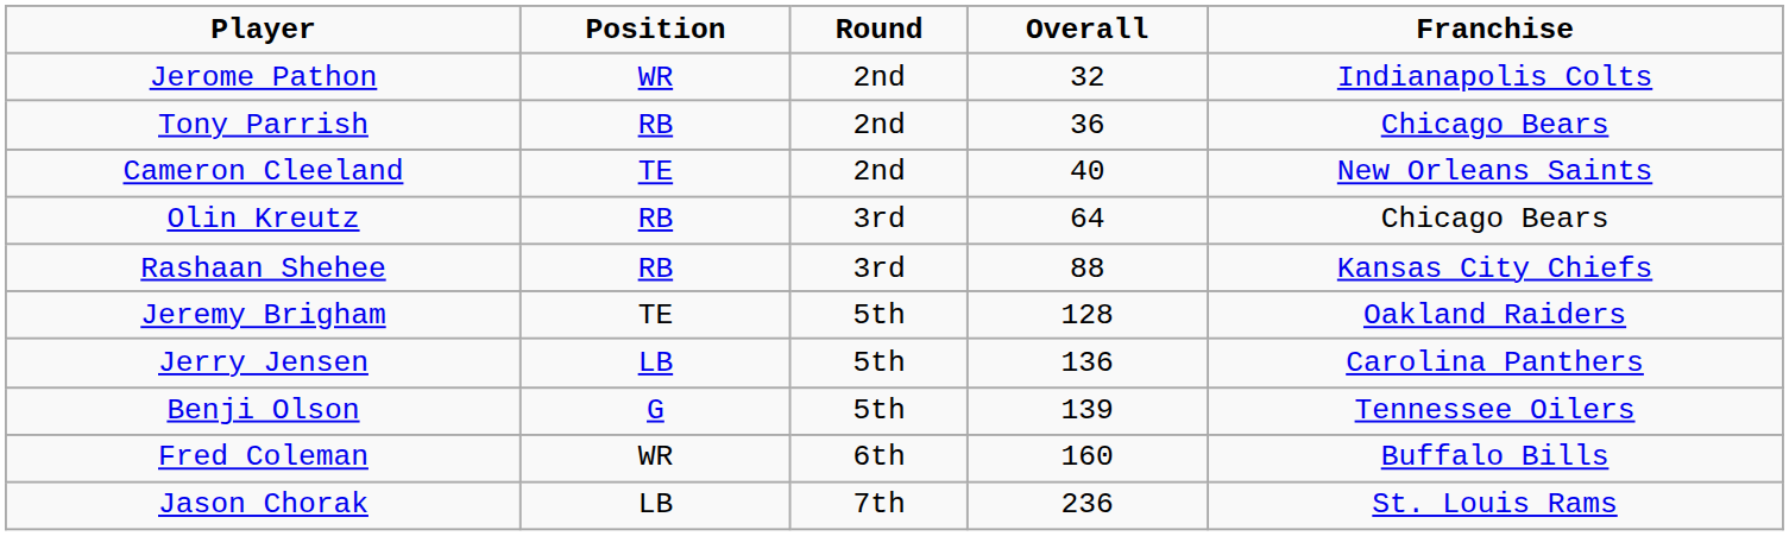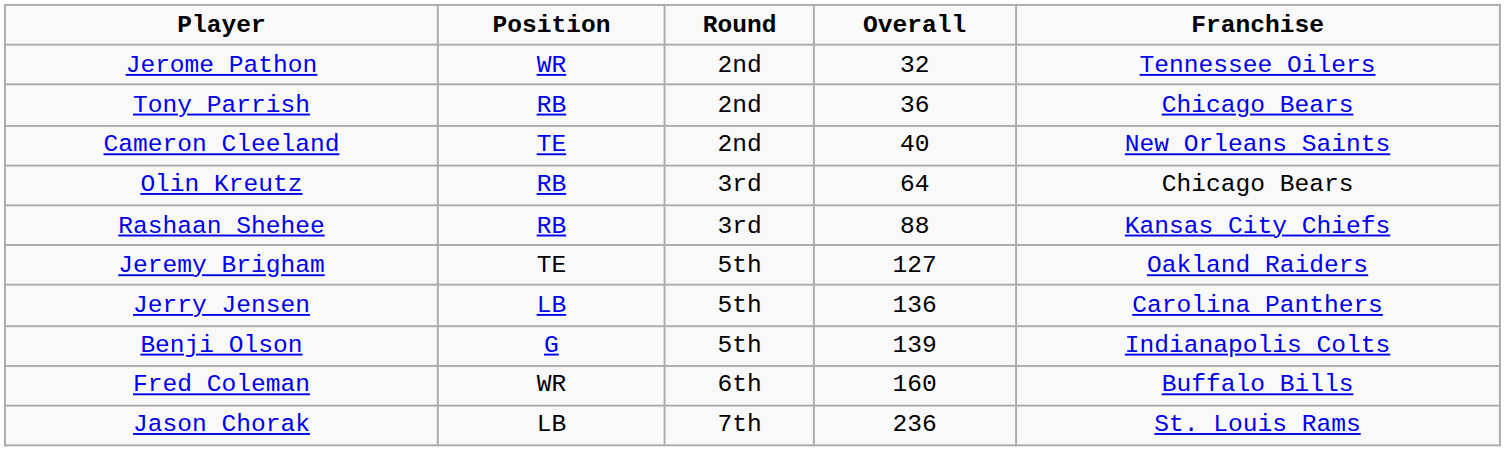 <table class="wikitable" width="50%">
 <tr align="center">
 <td><strong>Player</strong></td>
 <td><strong>Position</strong></td>
 <td><strong>Round</strong></td>
 <td><strong>Overall</strong></td>
 <td><strong>Franchise</strong></td>
 </tr>
 <tr style="text-align:center;" bgcolor="">
 <td><a href='#'>Jerome Pathon</a></td>
 <td><a href='#'>WR</a></td>
 <td>2nd</td>
 <td>32</td>
-<td><a href='#'>Indianapolis Colts</a></td>
+<td><a href='#'>Tennessee Oilers</a></td>
 </tr>
 <tr style="text-align:center;" bgcolor="">
 <td><a href='#'>Tony Parrish</a></td>
 <td><a href='#'>RB</a></td>
 <td>2nd</td>
 <td>36</td>
 <td><a href='#'>Chicago Bears</a></td>
 </tr>
 <tr style="text-align:center;" bgcolor="">
 <td><a href='#'>Cameron Cleeland</a></td>
 <td><a href='#'>TE</a></td>
 <td>2nd</td>
 <td>40</td>
 <td><a href='#'>New Orleans Saints</a></td>
 </tr>
 <tr style="text-align:center;" bgcolor="">
 <td><a href='#'>Olin Kreutz</a></td>
 <td><a href='#'>RB</a></td>
 <td>3rd</td>
 <td>64</td>
 <td>Chicago Bears</td>
 </tr>
 <tr style="text-align:center;" bgcolor="">
 <td><a href='#'>Rashaan Shehee</a></td>
 <td><a href='#'>RB</a></td>
 <td>3rd</td>
 <td>88</td>
 <td><a href='#'>Kansas City Chiefs</a></td>
 </tr>
 <tr style="text-align:center;" bgcolor="">
 <td><a href='#'>Jeremy Brigham</a></td>
 <td>TE</td>
 <td>5th</td>
-<td>128</td>
+<td>127</td>
 <td><a href='#'>Oakland Raiders</a></td>
 </tr>
 <tr style="text-align:center;" bgcolor="">
 <td><a href='#'>Jerry Jensen</a></td>
 <td><a href='#'>LB</a></td>
 <td>5th</td>
 <td>136</td>
 <td><a href='#'>Carolina Panthers</a></td>
 </tr>
 <tr style="text-align:center;" bgcolor="">
 <td><a href='#'>Benji Olson</a></td>
 <td><a href='#'>G</a></td>
 <td>5th</td>
 <td>139</td>
-<td><a href='#'>Tennessee Oilers</a></td>
+<td><a href='#'>Indianapolis Colts</a></td>
 </tr>
 <tr style="text-align:center;" bgcolor="">
 <td><a href='#'>Fred Coleman</a></td>
 <td>WR</td>
 <td>6th</td>
 <td>160</td>
 <td><a href='#'>Buffalo Bills</a></td>
 </tr>
 <tr style="text-align:center;" bgcolor="">
 <td><a href='#'>Jason Chorak</a></td>
 <td>LB</td>
 <td>7th</td>
 <td>236</td>
 <td><a href='#'>St. Louis Rams</a></td>
 </tr>
 </table>
